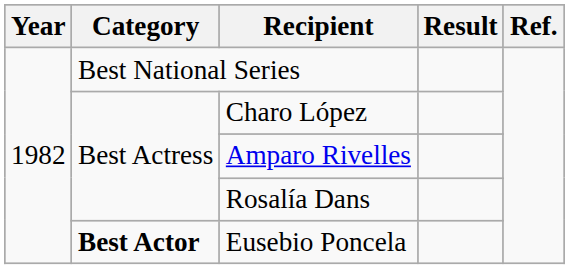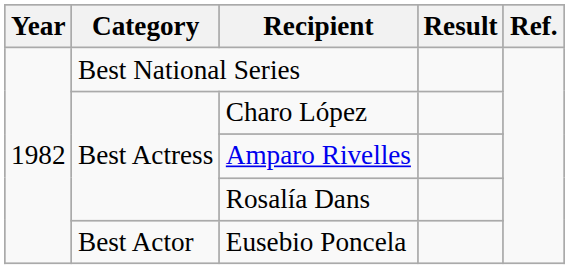 <table class = "wikitable sortable">
 <tr>
 <th>Year</th>
 <th>Category</th>
 <th>Recipient</th>
 <th>Result</th>
 <th>Ref.</th>
 </tr>
 <tr>
 <td rowspan=5>1982</td>
 <td colspan=2>Best National Series</td>
 <td></td>
 <td rowspan=5></td>
 </tr>
 <tr>
 <td rowspan=3>Best Actress</td>
 <td>Charo López</td>
 <td></td>
 </tr>
 <tr>
 <td><a href='#'>Amparo Rivelles</a></td>
 <td></td>
 </tr>
 <tr>
 <td>Rosalía Dans</td>
 <td></td>
 </tr>
 <tr>
-<td><strong>Best Actor</strong></td>
+<td>Best Actor</td>
 <td>Eusebio Poncela</td>
 <td></td>
 </tr>
 </table>
